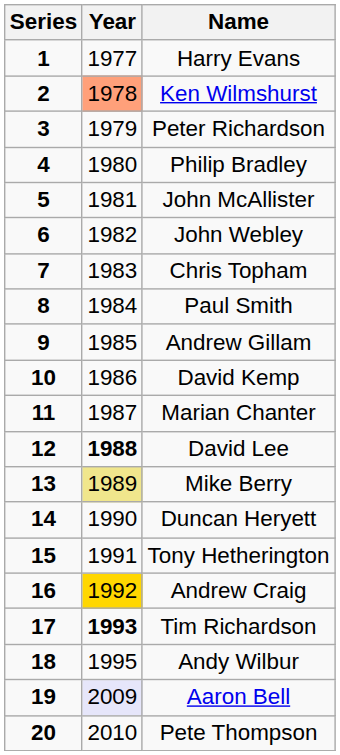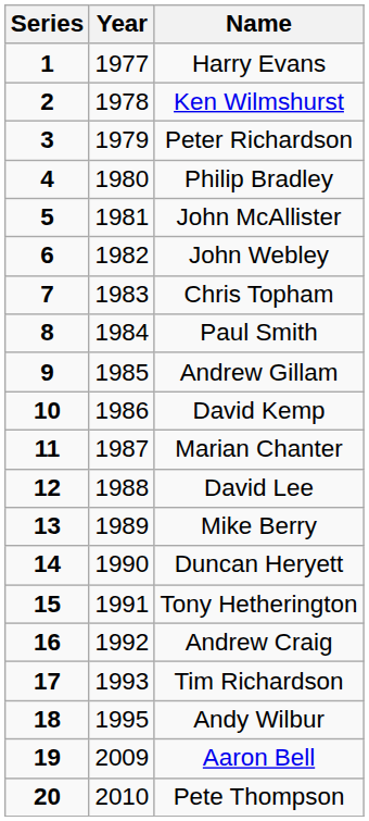 <table class="wikitable" style="text-align:center;">
 <tr>
 <th>Series</th>
 <th>Year</th>
 <th>Name</th>
 </tr>
 <tr>
 <td><strong>1</strong></td>
 <td>1977</td>
 <td>Harry Evans</td>
 </tr>
 <tr>
 <td><strong>2</strong></td>
-<td style="background: lightsalmon;">1978</td>
+<td>1978</td>
 <td><a href='#'>Ken Wilmshurst</a></td>
 </tr>
 <tr>
 <td><strong>3</strong></td>
 <td>1979</td>
 <td>Peter Richardson</td>
 </tr>
 <tr>
 <td><strong>4</strong></td>
 <td>1980</td>
 <td>Philip Bradley</td>
 </tr>
 <tr>
 <td><strong>5</strong></td>
 <td>1981</td>
 <td>John McAllister</td>
 </tr>
 <tr>
 <td><strong>6</strong></td>
 <td>1982</td>
 <td>John Webley</td>
 </tr>
 <tr>
 <td><strong>7</strong></td>
 <td>1983</td>
 <td>Chris Topham</td>
 </tr>
 <tr>
 <td><strong>8</strong></td>
 <td>1984</td>
 <td>Paul Smith</td>
 </tr>
 <tr>
 <td><strong>9</strong></td>
 <td>1985</td>
 <td>Andrew Gillam</td>
 </tr>
 <tr>
 <td><strong>10</strong></td>
 <td>1986</td>
 <td>David Kemp</td>
 </tr>
 <tr>
 <td><strong>11</strong></td>
 <td>1987</td>
 <td>Marian Chanter</td>
 </tr>
 <tr>
 <td><strong>12</strong></td>
-<td><strong>1988</strong></td>
+<td>1988</td>
 <td>David Lee</td>
 </tr>
 <tr>
 <td><strong>13</strong></td>
-<td style="background: khaki;">1989</td>
+<td>1989</td>
 <td>Mike Berry</td>
 </tr>
 <tr>
 <td><strong>14</strong></td>
 <td>1990</td>
 <td>Duncan Heryett</td>
 </tr>
 <tr>
 <td><strong>15</strong></td>
 <td>1991</td>
 <td>Tony Hetherington</td>
 </tr>
 <tr>
 <td><strong>16</strong></td>
-<td style="background: gold;">1992</td>
+<td>1992</td>
 <td>Andrew Craig</td>
 </tr>
 <tr>
 <td><strong>17</strong></td>
-<td><strong>1993</strong></td>
+<td>1993</td>
 <td>Tim Richardson</td>
 </tr>
 <tr>
 <td><strong>18</strong></td>
 <td>1995</td>
 <td>Andy Wilbur</td>
 </tr>
 <tr>
 <td><strong>19</strong></td>
-<td style="background: lavender;">2009</td>
+<td>2009</td>
 <td><a href='#'>Aaron Bell</a></td>
 </tr>
 <tr>
 <td><strong>20</strong></td>
 <td>2010</td>
 <td>Pete Thompson</td>
 </tr>
 <tr>
 </tr>
 </table>
